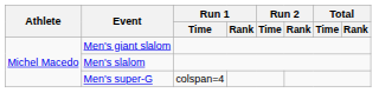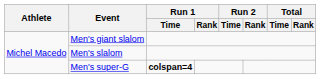 <table class="wikitable" style="font-size:90%">
 <tr>
 <th rowspan=2>Athlete</th>
 <th rowspan=2>Event</th>
 <th colspan=2>Run 1</th>
 <th colspan=2>Run 2</th>
 <th colspan=2>Total</th>
 </tr>
 <tr style="font-size:95%">
 <th>Time</th>
 <th>Rank</th>
 <th>Time</th>
 <th>Rank</th>
 <th>Time</th>
 <th>Rank</th>
 </tr>
 <tr align=center>
 <td align=left rowspan=3><a href='#'>Michel Macedo</a></td>
 <td align=left><a href='#'>Men's giant slalom</a></td>
 <td colspan=6></td>
 </tr>
 <tr align=center>
 <td align=left><a href='#'>Men's slalom</a></td>
 <td colspan=6></td>
 </tr>
 <tr align=center>
 <td align=left><a href='#'>Men's super-G</a></td>
-<td>colspan=4 </td>
+<td><strong>colspan=4 </strong></td>
 <td colspan=2></td>
 </tr>
 </table>
